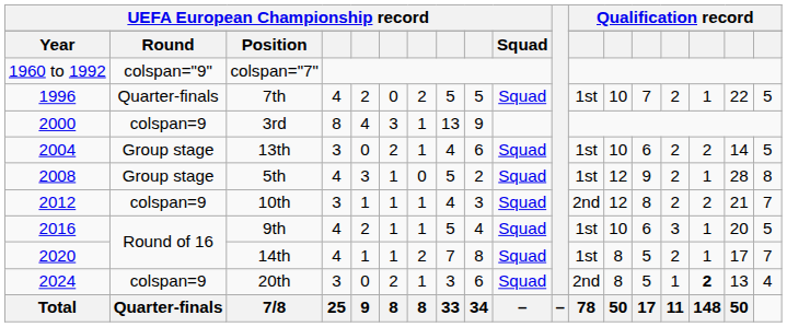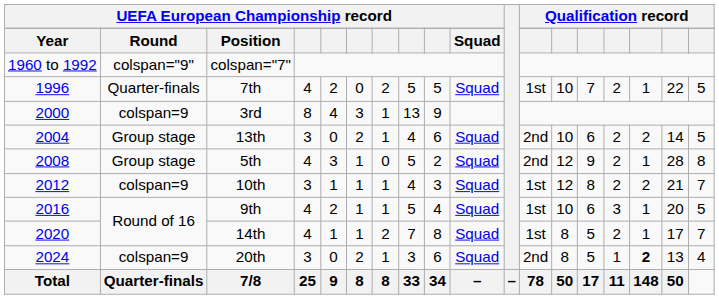 <table class="wikitable" style="text-align: center">
 <tr>
 <th colspan="10"><a href='#'>UEFA European Championship</a> record</th>
 <th rowspan="12"></th>
 <th colspan="7"><a href='#'>Qualification</a> record</th>
 </tr>
 <tr>
 </tr>
 <tr>
 <th>Year</th>
 <th>Round</th>
 <th>Position</th>
 <th width="20"></th>
 <th width="20"></th>
 <th width="20"></th>
 <th width="20"></th>
 <th width="20"></th>
 <th width="20"></th>
 <th width="20">Squad</th>
 <th width="20"></th>
 <th width="20"></th>
 <th width="20"></th>
 <th width="20"></th>
 <th width="20"></th>
 <th width="20"></th>
 <th width="20"></th>
 </tr>
 <tr>
 <td><a href='#'>1960</a> to <a href='#'>1992</a></td>
 <td>colspan="9" </td>
 <td>colspan="7" </td>
 </tr>
 <tr>
 <td> <a href='#'>1996</a></td>
 <td>Quarter-finals</td>
 <td>7th</td>
 <td>4</td>
 <td>2</td>
 <td>0</td>
 <td>2</td>
 <td>5</td>
 <td>5</td>
 <td><a href='#'>Squad</a></td>
 <td>1st</td>
 <td>10</td>
 <td>7</td>
 <td>2</td>
 <td>1</td>
 <td>22</td>
 <td>5</td>
 </tr>
 <tr>
 <td>  <a href='#'>2000</a></td>
 <td>colspan=9 </td>
 <td>3rd</td>
 <td>8</td>
 <td>4</td>
 <td>3</td>
 <td>1</td>
 <td>13</td>
 <td>9</td>
 </tr>
 <tr>
 <td> <a href='#'>2004</a></td>
 <td>Group stage</td>
 <td>13th</td>
 <td>3</td>
 <td>0</td>
 <td>2</td>
 <td>1</td>
 <td>4</td>
 <td>6</td>
 <td><a href='#'>Squad</a></td>
-<td>1st</td>
+<td>2nd</td>
 <td>10</td>
 <td>6</td>
 <td>2</td>
 <td>2</td>
 <td>14</td>
 <td>5</td>
 </tr>
 <tr>
 <td>  <a href='#'>2008</a></td>
 <td>Group stage</td>
 <td>5th</td>
 <td>4</td>
 <td>3</td>
 <td>1</td>
 <td>0</td>
 <td>5</td>
 <td>2</td>
 <td><a href='#'>Squad</a></td>
-<td>1st</td>
+<td>2nd</td>
 <td>12</td>
 <td>9</td>
 <td>2</td>
 <td>1</td>
 <td>28</td>
 <td>8</td>
 </tr>
 <tr>
 <td>  <a href='#'>2012</a></td>
 <td>colspan=9 </td>
 <td>10th</td>
 <td>3</td>
 <td>1</td>
 <td>1</td>
 <td>1</td>
 <td>4</td>
 <td>3</td>
 <td><a href='#'>Squad</a></td>
-<td>2nd</td>
+<td>1st</td>
 <td>12</td>
 <td>8</td>
 <td>2</td>
 <td>2</td>
 <td>21</td>
 <td>7</td>
 </tr>
 <tr>
 <td> <a href='#'>2016</a></td>
 <td rowspan="2">Round of 16</td>
 <td>9th</td>
 <td>4</td>
 <td>2</td>
 <td>1</td>
 <td>1</td>
 <td>5</td>
 <td>4</td>
 <td><a href='#'>Squad</a></td>
 <td>1st</td>
 <td>10</td>
 <td>6</td>
 <td>3</td>
 <td>1</td>
 <td>20</td>
 <td>5</td>
 </tr>
 <tr>
 <td> <a href='#'>2020</a></td>
 <td>14th</td>
 <td>4</td>
 <td>1</td>
 <td>1</td>
 <td>2</td>
 <td>7</td>
 <td>8</td>
 <td><a href='#'>Squad</a></td>
 <td>1st</td>
 <td>8</td>
 <td>5</td>
 <td>2</td>
 <td>1</td>
 <td>17</td>
 <td>7</td>
 </tr>
 <tr>
 <td> <a href='#'>2024</a></td>
 <td>colspan=9 </td>
 <td>20th</td>
 <td>3</td>
 <td>0</td>
 <td>2</td>
 <td>1</td>
 <td>3</td>
 <td>6</td>
 <td><a href='#'>Squad</a></td>
 <td>2nd</td>
 <td>8</td>
 <td>5</td>
 <td>1</td>
 <td><strong>2</strong></td>
 <td>13</td>
 <td>4</td>
 </tr>
 <tr>
 <th>Total</th>
 <th>Quarter-finals</th>
 <th>7/8</th>
 <th>25</th>
 <th>9</th>
 <th>8</th>
 <th>8</th>
 <th>33</th>
 <th>34</th>
 <th>–</th>
 <th>–</th>
 <th>78</th>
 <th>50</th>
 <th>17</th>
 <th>11</th>
 <th>148</th>
 <th>50</th>
 </tr>
 </table>
